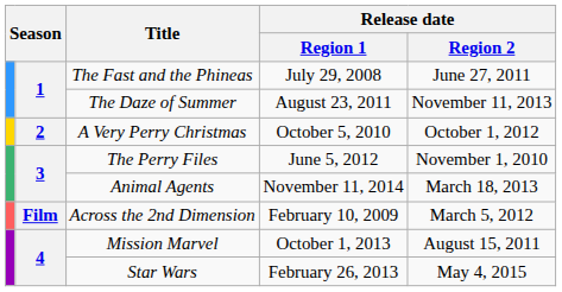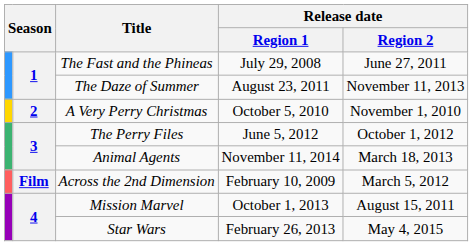 <table class="wikitable sortable" style="text-align: center">
 <tr>
 <th colspan=2 rowspan=2>Season</th>
 <th rowspan=2>Title</th>
 <th colspan=2>Release date</th>
 </tr>
 <tr>
 <th><a href='#'>Region 1</a></th>
 <th><a href='#'>Region 2</a></th>
 </tr>
 <tr>
 <th rowspan=2 style="background:#2E98FF"></th>
 <th rowspan=2><a href='#'>1</a></th>
 <td><em>The Fast and the Phineas</em></td>
 <td>July 29, 2008</td>
 <td>June 27, 2011</td>
 </tr>
 <tr>
 <td><em>The Daze of Summer</em></td>
 <td>August 23, 2011</td>
 <td>November 11, 2013</td>
 </tr>
 <tr>
 <th style="background:#ffd700"></th>
 <th><a href='#'>2</a></th>
 <td><em>A Very Perry Christmas</em></td>
 <td>October 5, 2010</td>
-<td>October 1, 2012</td>
+<td>November 1, 2010</td>
 </tr>
 <tr>
 <th rowspan=2 style="background:#3cb371"></th>
 <th rowspan=2><a href='#'>3</a></th>
 <td><em>The Perry Files</em></td>
 <td>June 5, 2012</td>
-<td>November 1, 2010</td>
+<td>October 1, 2012</td>
 </tr>
 <tr>
 <td><em>Animal Agents</em></td>
 <td>November 11, 2014</td>
 <td>March 18, 2013</td>
 </tr>
 <tr>
 <th style="background:#FF5E5E"></th>
 <th><a href='#'>Film</a></th>
 <td><em>Across the 2nd Dimension</em></td>
 <td>February 10, 2009</td>
 <td>March 5, 2012</td>
 </tr>
 <tr>
 <th rowspan=2 style="background:#9600b8"></th>
 <th rowspan=2><a href='#'>4</a></th>
 <td><em>Mission Marvel</em></td>
 <td>October 1, 2013</td>
 <td>August 15, 2011</td>
 </tr>
 <tr>
 <td><em>Star Wars</em></td>
 <td>February 26, 2013</td>
 <td>May 4, 2015</td>
 </tr>
 </table>
